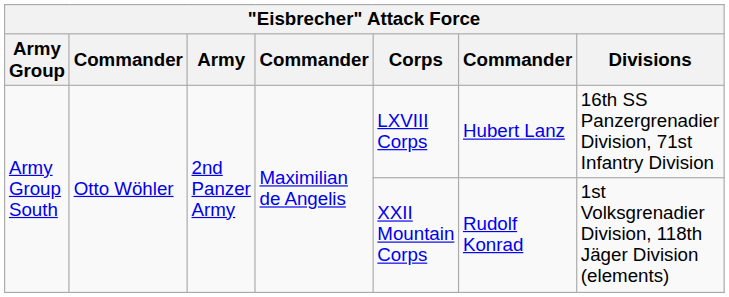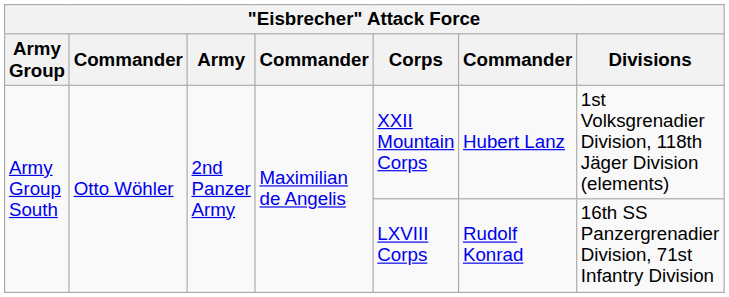 <table class="wikitable mw-collapsible mw-collapsed">
 <tr>
 <th colspan="7">"Eisbrecher" Attack Force</th>
 </tr>
 <tr>
 <th>Army Group</th>
 <th>Commander</th>
 <th>Army</th>
 <th>Commander</th>
 <th>Corps</th>
 <th>Commander</th>
 <th>Divisions</th>
 </tr>
 <tr>
 <td rowspan="2"><a href='#'>Army Group South</a></td>
 <td rowspan="2"><a href='#'>Otto Wöhler</a></td>
 <td rowspan="2"><a href='#'>2nd Panzer Army</a></td>
 <td rowspan="2"><a href='#'>Maximilian de Angelis</a></td>
+<td><a href='#'>XXII Mountain Corps</a></td>
+<td><a href='#'>Hubert Lanz</a></td>
+<td>1st Volksgrenadier Division, 118th Jäger Division (elements)</td>
+</tr>
+<tr>
 <td><a href='#'>LXVIII Corps</a></td>
-<td><a href='#'>Hubert Lanz</a></td>
+<td><a href='#'>Rudolf Konrad</a></td>
 <td>16th SS Panzergrenadier Division, 71st Infantry Division</td>
 </tr>
-<tr>
-<td><a href='#'>XXII Mountain Corps</a></td>
-<td><a href='#'>Rudolf Konrad</a></td>
-<td>1st Volksgrenadier Division, 118th Jäger Division (elements)</td>
-</tr>
 </table>
